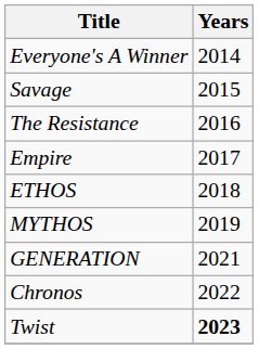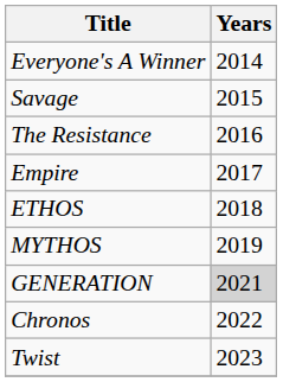 <table class="wikitable">
 <tr>
 <th>Title</th>
 <th>Years</th>
 </tr>
 <tr>
 <td><em>Everyone's A Winner</em></td>
 <td>2014</td>
 </tr>
 <tr>
 <td><em>Savage</em></td>
 <td>2015</td>
 </tr>
 <tr>
 <td><em>The Resistance</em></td>
 <td>2016</td>
 </tr>
 <tr>
 <td><em>Empire</em></td>
 <td>2017</td>
 </tr>
 <tr>
 <td><em>ETHOS</em></td>
 <td>2018</td>
 </tr>
 <tr>
 <td><em>MYTHOS</em></td>
 <td>2019</td>
 </tr>
 <tr>
 <td><em>GENERATION</em></td>
-<td>2021</td>
+<td style="background: lightgrey;">2021</td>
 </tr>
 <tr>
 <td><em>Chronos</em></td>
 <td>2022</td>
 </tr>
 <tr |->
 <td><em>Twist</em></td>
-<td><strong>2023</strong></td>
+<td>2023</td>
 </tr>
 <tr>
 </tr>
 </table>
